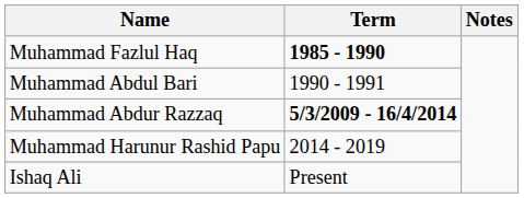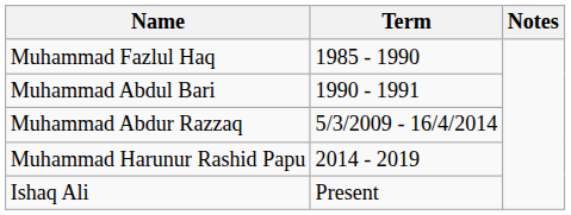 <table class="wikitable">
 <tr>
 <th>Name</th>
 <th>Term</th>
 <th>Notes</th>
 </tr>
 <tr>
 <td>Muhammad Fazlul Haq</td>
-<td><strong>1985 - 1990</strong></td>
+<td>1985 - 1990</td>
 </tr>
 <tr>
 <td>Muhammad Abdul Bari</td>
 <td>1990 - 1991</td>
 </tr>
 <tr>
 <td>Muhammad Abdur Razzaq</td>
-<td><strong>5/3/2009 - 16/4/2014</strong></td>
+<td>5/3/2009 - 16/4/2014</td>
 </tr>
 <tr>
 <td>Muhammad Harunur Rashid Papu</td>
 <td>2014 - 2019</td>
 </tr>
 <tr>
 <td>Ishaq Ali</td>
 <td>Present</td>
 </tr>
 </table>
